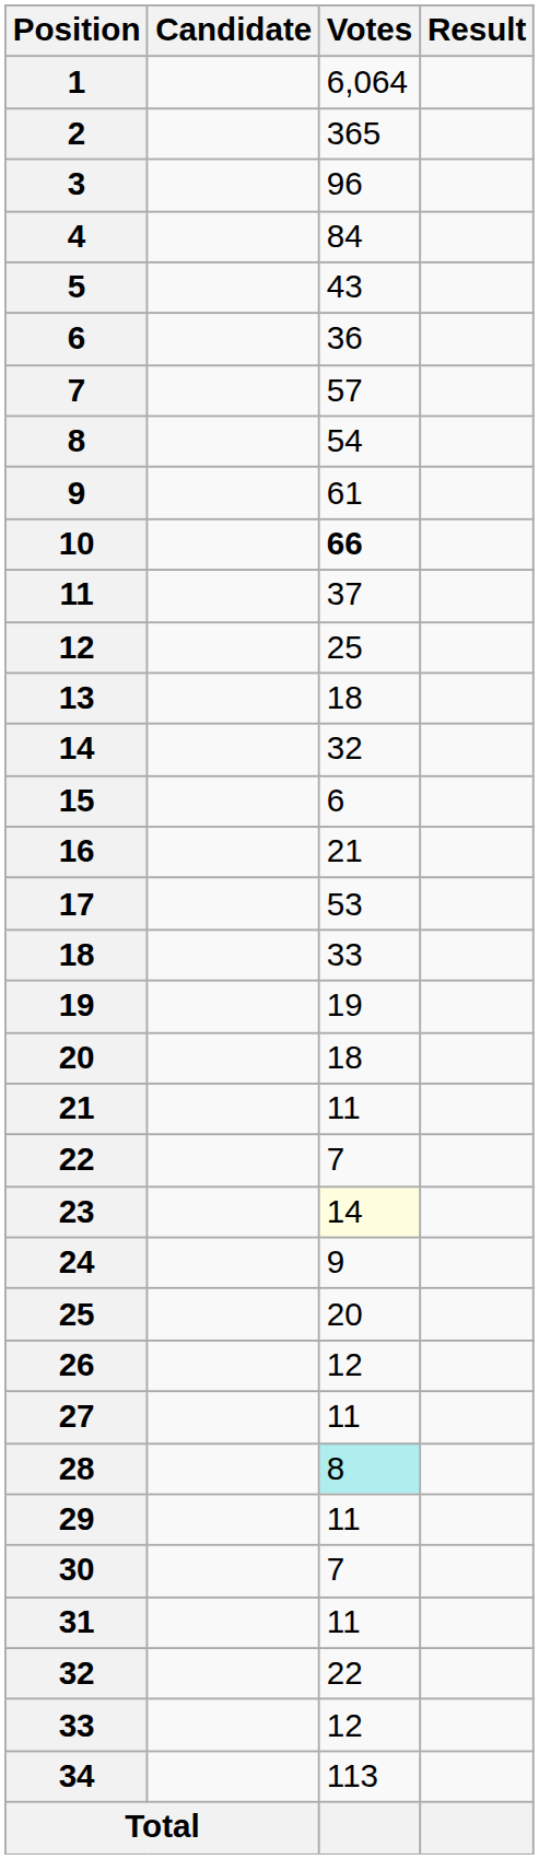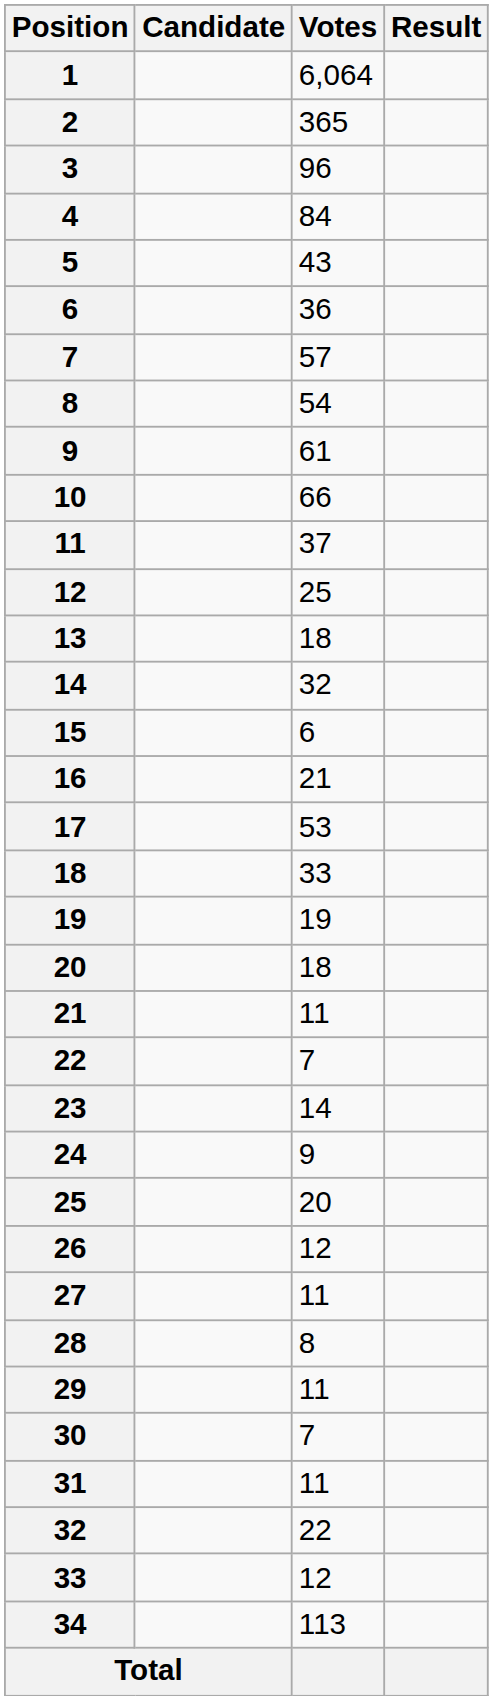 <table class="wikitable sortable col3right">
 <tr>
 <th scope="col">Position</th>
 <th scope="col">Candidate</th>
 <th scope="col">Votes</th>
 <th scope="col">Result</th>
 </tr>
 <tr>
 <th scope="row">1</th>
 <td></td>
 <td>6,064</td>
 <td></td>
 </tr>
 <tr>
 <th scope="row">2</th>
 <td></td>
 <td>365</td>
 <td></td>
 </tr>
 <tr>
 <th scope="row">3</th>
 <td></td>
 <td>96</td>
 <td></td>
 </tr>
 <tr>
 <th scope="row">4</th>
 <td></td>
 <td>84</td>
 <td></td>
 </tr>
 <tr>
 <th scope="row">5</th>
 <td></td>
 <td>43</td>
 <td></td>
 </tr>
 <tr>
 <th scope="row">6</th>
 <td></td>
 <td>36</td>
 <td></td>
 </tr>
 <tr>
 <th scope="row">7</th>
 <td></td>
 <td>57</td>
 <td></td>
 </tr>
 <tr>
 <th scope="row">8</th>
 <td></td>
 <td>54</td>
 <td></td>
 </tr>
 <tr>
 <th scope="row">9</th>
 <td></td>
 <td>61</td>
 <td></td>
 </tr>
 <tr>
 <th scope="row">10</th>
 <td></td>
-<td><strong>66</strong></td>
+<td>66</td>
 <td></td>
 </tr>
 <tr>
 <th scope="row">11</th>
 <td></td>
 <td>37</td>
 <td></td>
 </tr>
 <tr>
 <th scope="row">12</th>
 <td></td>
 <td>25</td>
 <td></td>
 </tr>
 <tr>
 <th scope="row">13</th>
 <td></td>
 <td>18</td>
 <td></td>
 </tr>
 <tr>
 <th scope="row">14</th>
 <td></td>
 <td>32</td>
 <td></td>
 </tr>
 <tr>
 <th scope="row">15</th>
 <td></td>
 <td>6</td>
 <td></td>
 </tr>
 <tr>
 <th scope="row">16</th>
 <td></td>
 <td>21</td>
 <td></td>
 </tr>
 <tr>
 <th scope="row">17</th>
 <td></td>
 <td>53</td>
 <td></td>
 </tr>
 <tr>
 <th scope="row">18</th>
 <td></td>
 <td>33</td>
 <td></td>
 </tr>
 <tr>
 <th scope="row">19</th>
 <td></td>
 <td>19</td>
 <td></td>
 </tr>
 <tr>
 <th scope="row">20</th>
 <td></td>
 <td>18</td>
 <td></td>
 </tr>
 <tr>
 <th scope="row">21</th>
 <td></td>
 <td>11</td>
 <td></td>
 </tr>
 <tr>
 <th scope="row">22</th>
 <td></td>
 <td>7</td>
 <td></td>
 </tr>
 <tr>
 <th scope="row">23</th>
 <td></td>
-<td style="background: lightyellow;">14</td>
+<td>14</td>
 <td></td>
 </tr>
 <tr>
 <th scope="row">24</th>
 <td></td>
 <td>9</td>
 <td></td>
 </tr>
 <tr>
 <th scope="row">25</th>
 <td></td>
 <td>20</td>
 <td></td>
 </tr>
 <tr>
 <th scope="row">26</th>
 <td></td>
 <td>12</td>
 <td></td>
 </tr>
 <tr>
 <th scope="row">27</th>
 <td></td>
 <td>11</td>
 <td></td>
 </tr>
 <tr>
 <th scope="row">28</th>
 <td></td>
-<td style="background: paleturquoise;">8</td>
+<td>8</td>
 <td></td>
 </tr>
 <tr>
 <th scope="row">29</th>
 <td></td>
 <td>11</td>
 <td></td>
 </tr>
 <tr>
 <th scope="row">30</th>
 <td></td>
 <td>7</td>
 <td></td>
 </tr>
 <tr>
 <th scope="row">31</th>
 <td></td>
 <td>11</td>
 <td></td>
 </tr>
 <tr>
 <th scope="row">32</th>
 <td></td>
 <td>22</td>
 <td></td>
 </tr>
 <tr>
 <th scope="row">33</th>
 <td></td>
 <td>12</td>
 <td></td>
 </tr>
 <tr>
 <th scope="row">34</th>
 <td></td>
 <td>113</td>
 <td></td>
 </tr>
 <tr class="sortbottom">
 <th scope="row" colspan="2">Total</th>
 <th></th>
 <th></th>
 </tr>
 </table>
